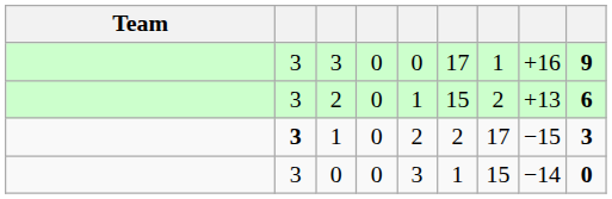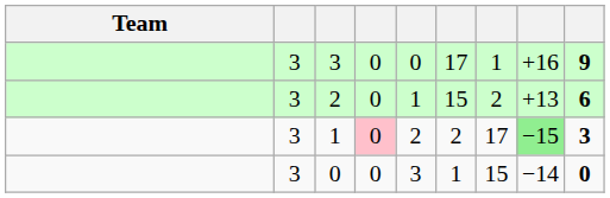 <table class="wikitable" style="text-align: center;">
 <tr>
 <th width="175">Team</th>
 <th width="20"></th>
 <th width="20"></th>
 <th width="20"></th>
 <th width="20"></th>
 <th width="20"></th>
 <th width="20"></th>
 <th width="20"></th>
 <th width="20"></th>
 </tr>
 <tr bgcolor=ccffcc>
 <td style="text-align:left;"></td>
 <td>3</td>
 <td>3</td>
 <td>0</td>
 <td>0</td>
 <td>17</td>
 <td>1</td>
 <td>+16</td>
 <td><strong>9</strong></td>
 </tr>
 <tr bgcolor=ccffcc>
 <td style="text-align:left;"></td>
 <td>3</td>
 <td>2</td>
 <td>0</td>
 <td>1</td>
 <td>15</td>
 <td>2</td>
 <td>+13</td>
 <td><strong>6</strong></td>
 </tr>
 <tr>
 <td style="text-align:left;"></td>
-<td><strong>3</strong></td>
+<td>3</td>
 <td>1</td>
-<td>0</td>
+<td style="background: pink;">0</td>
 <td>2</td>
 <td>2</td>
 <td>17</td>
-<td>−15</td>
+<td style="background: lightgreen;">−15</td>
 <td><strong>3</strong></td>
 </tr>
 <tr>
 <td style="text-align:left;"></td>
 <td>3</td>
 <td>0</td>
 <td>0</td>
 <td>3</td>
 <td>1</td>
 <td>15</td>
 <td>−14</td>
 <td><strong>0</strong></td>
 </tr>
 </table>
